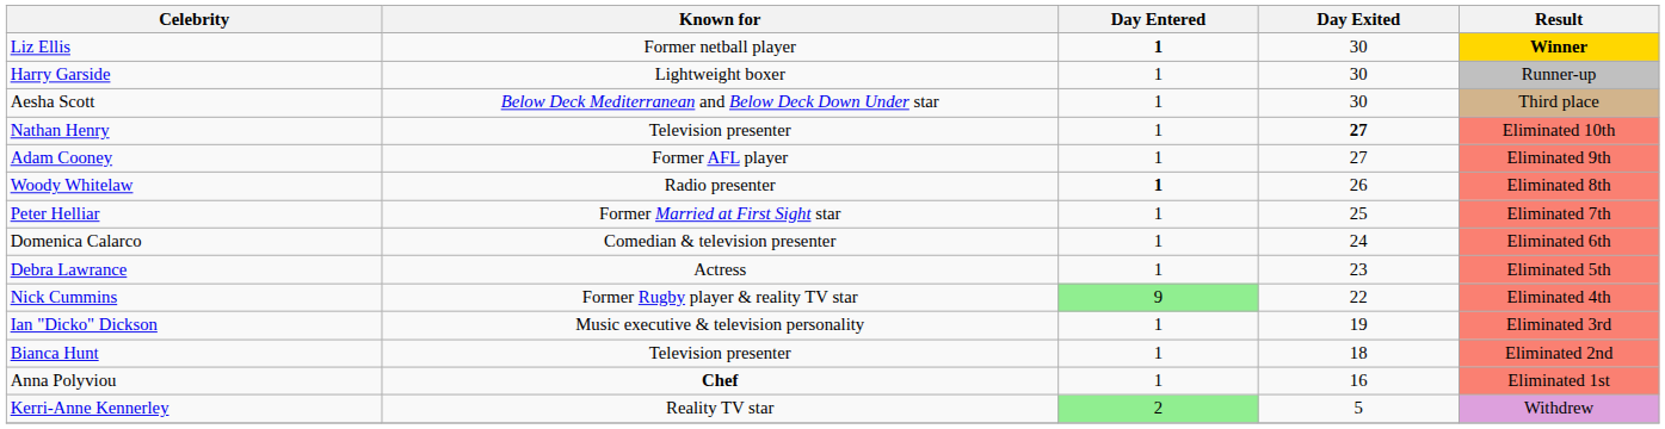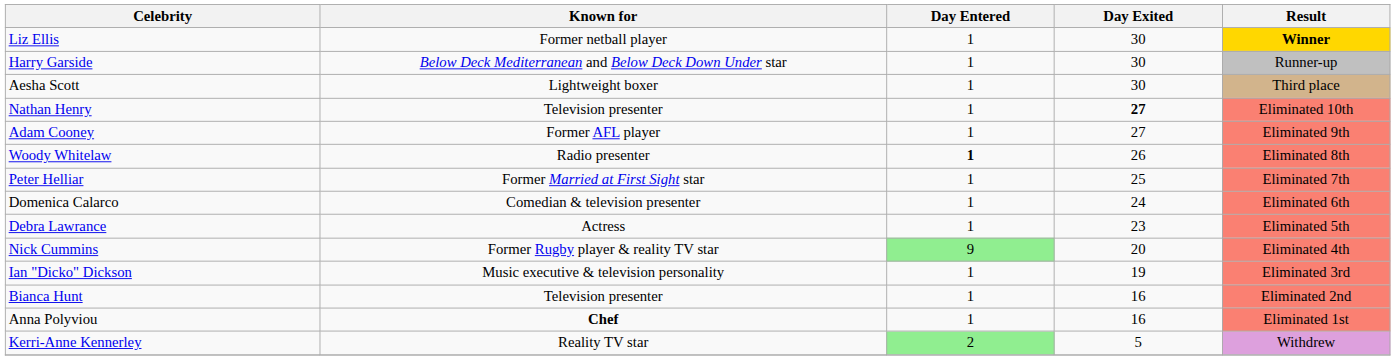 <table class="wikitable" style="margin:auto; text-align:center;">
 <tr>
 <th style="width:15%;" scope="col">Celebrity</th>
 <th style="width:27%;" scope="col">Known for</th>
 <th style="width:8%;" scope="col">Day Entered</th>
 <th style="width:8%;" scope="col">Day Exited</th>
 <th style="width:8%;" scope="col">Result</th>
 </tr>
 <tr>
 <td align=left><a href='#'>Liz Ellis</a></td>
 <td>Former netball player</td>
-<td><strong>1</strong></td>
+<td>1</td>
 <td>30</td>
 <td style=background:gold><strong>Winner</strong></td>
 </tr>
 <tr>
 <td align=left><a href='#'>Harry Garside</a></td>
-<td>Lightweight boxer</td>
+<td><em><a href='#'>Below Deck Mediterranean</a></em> and <em><a href='#'>Below Deck Down Under</a></em> star</td>
 <td>1</td>
 <td>30</td>
 <td style=background:silver>Runner-up</td>
 </tr>
 <tr>
 <td align=left>Aesha Scott</td>
-<td><em><a href='#'>Below Deck Mediterranean</a></em> and <em><a href='#'>Below Deck Down Under</a></em> star</td>
+<td>Lightweight boxer</td>
 <td>1</td>
 <td>30</td>
 <td style=background:tan>Third place</td>
 </tr>
 <tr>
 <td align=left><a href='#'>Nathan Henry</a></td>
 <td>Television presenter</td>
 <td>1</td>
 <td><strong>27</strong></td>
 <td style="background:salmon">Eliminated 10th</td>
 </tr>
 <tr>
 <td align=left><a href='#'>Adam Cooney</a></td>
 <td>Former <a href='#'>AFL</a> player</td>
 <td>1</td>
 <td>27</td>
 <td style="background:salmon">Eliminated 9th</td>
 </tr>
 <tr>
 <td align=left><a href='#'>Woody Whitelaw</a></td>
 <td>Radio presenter</td>
 <td><strong>1</strong></td>
 <td>26</td>
 <td style="background:salmon">Eliminated 8th</td>
 </tr>
 <tr>
 <td align=left><a href='#'>Peter Helliar</a></td>
 <td>Former <em><a href='#'>Married at First Sight</a></em> star</td>
 <td>1</td>
 <td>25</td>
 <td style="background:salmon">Eliminated 7th</td>
 </tr>
 <tr>
 <td align=left>Domenica Calarco</td>
 <td>Comedian & television presenter</td>
 <td>1</td>
 <td>24</td>
 <td style="background:salmon">Eliminated 6th</td>
 </tr>
 <tr>
 <td align=left><a href='#'>Debra Lawrance</a></td>
 <td>Actress</td>
 <td>1</td>
 <td>23</td>
 <td style="background:salmon">Eliminated 5th</td>
 </tr>
 <tr>
 <td align=left><a href='#'>Nick Cummins</a></td>
 <td>Former <a href='#'>Rugby</a> player & reality TV star</td>
 <td style=background:lightgreen>9</td>
-<td>22</td>
+<td>20</td>
 <td style="background:salmon">Eliminated 4th</td>
 </tr>
 <tr>
 <td align=left><a href='#'>Ian "Dicko" Dickson</a></td>
 <td>Music executive & television personality</td>
 <td>1</td>
 <td>19</td>
 <td style="background:salmon">Eliminated 3rd</td>
 </tr>
 <tr>
 <td align=left><a href='#'>Bianca Hunt</a></td>
 <td>Television presenter</td>
 <td>1</td>
-<td>18</td>
+<td>16</td>
 <td style="background:salmon">Eliminated 2nd</td>
 </tr>
 <tr>
 <td align=left>Anna Polyviou</td>
 <td><strong>Chef</strong></td>
 <td>1</td>
 <td>16</td>
 <td style="background:salmon">Eliminated 1st</td>
 </tr>
 <tr>
 <td align=left><a href='#'>Kerri-Anne Kennerley</a></td>
 <td>Reality TV star</td>
 <td style=background:lightgreen>2</td>
 <td>5</td>
 <td style="background:plum">Withdrew</td>
 </tr>
 <tr>
 </tr>
 </table>
